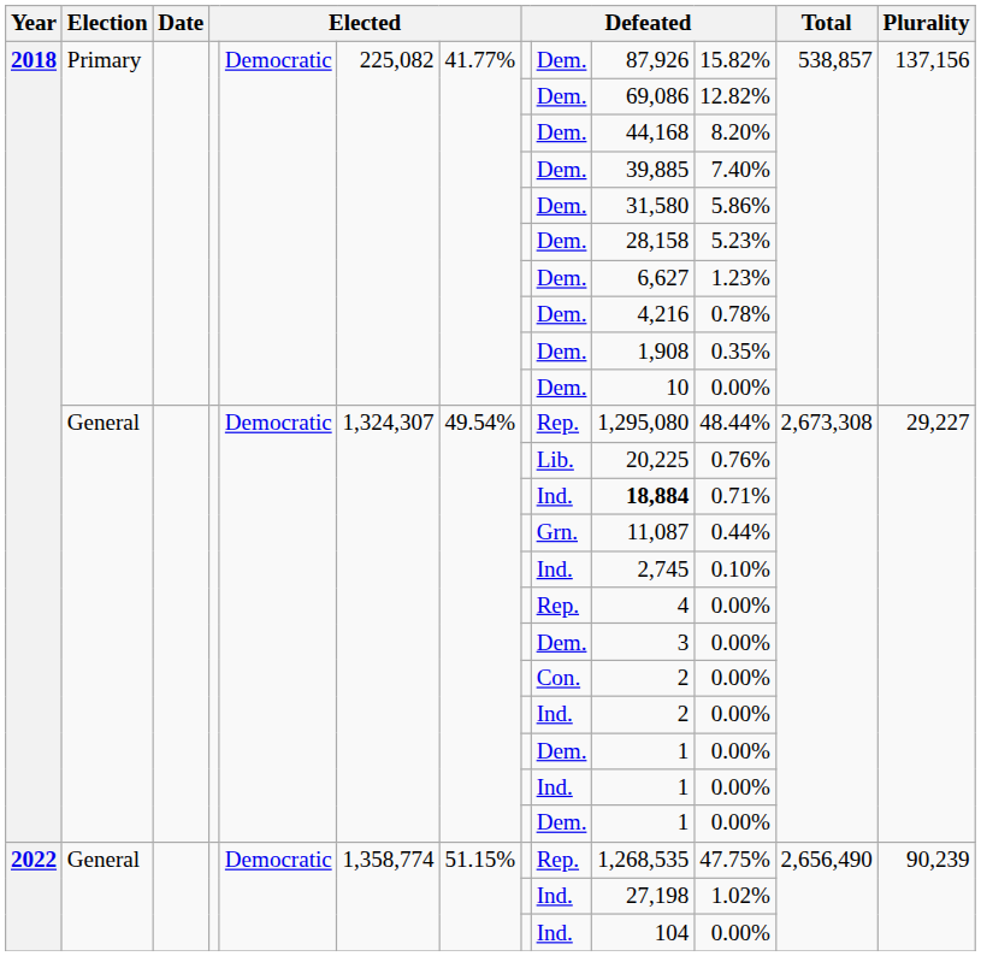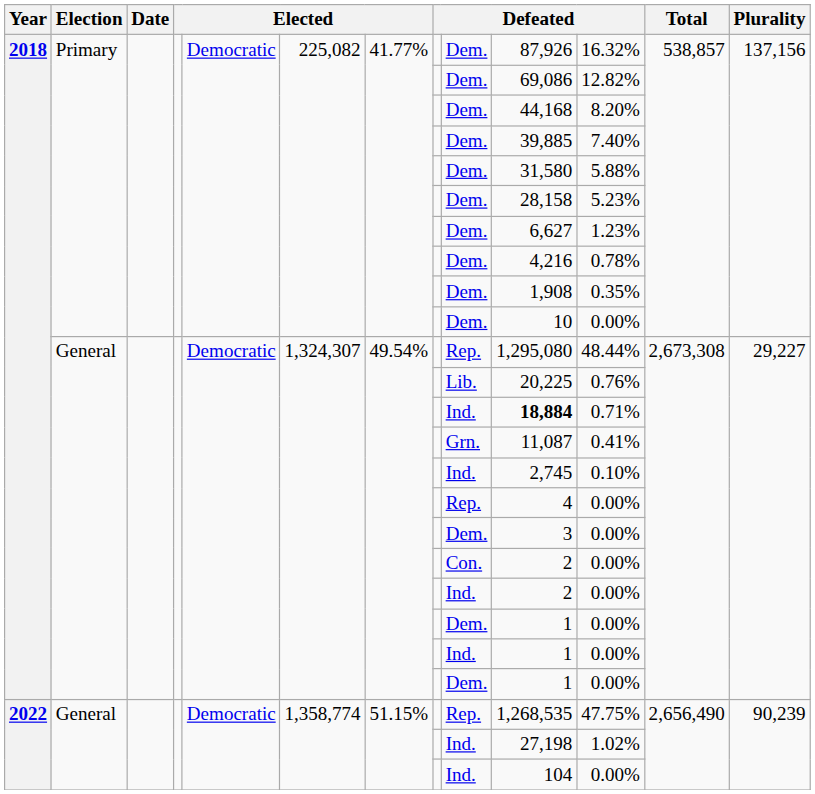 <table class="wikitable">
 <tr>
 <th>Year</th>
 <th>Election</th>
 <th>Date</th>
 <th colspan="4">Elected</th>
 <th colspan="4">Defeated</th>
 <th>Total</th>
 <th>Plurality</th>
 </tr>
 <tr>
 <th rowspan="22" valign="top"><a href='#'>2018</a></th>
 <td rowspan="10" valign="top">Primary</td>
 <td rowspan="10" valign="top"></td>
 <td rowspan="10" valign="top"></td>
 <td rowspan="10" valign="top" ><a href='#'>Democratic</a></td>
 <td rowspan="10" align="right" valign="top">225,082</td>
 <td rowspan="10" align="right" valign="top">41.77%</td>
 <td valign="top"></td>
 <td valign="top" ><a href='#'>Dem.</a></td>
 <td align="right" valign="top">87,926</td>
-<td align="right" valign="top">15.82%</td>
+<td align="right" valign="top">16.32%</td>
 <td rowspan="10" align="right" valign="top">538,857</td>
 <td rowspan="10" align="right" valign="top">137,156</td>
 </tr>
 <tr>
 <td valign="top"></td>
 <td valign="top" ><a href='#'>Dem.</a></td>
 <td align="right" valign="top">69,086</td>
 <td align="right" valign="top">12.82%</td>
 </tr>
 <tr>
 <td valign="top"></td>
 <td valign="top" ><a href='#'>Dem.</a></td>
 <td align="right" valign="top">44,168</td>
 <td align="right" valign="top">8.20%</td>
 </tr>
 <tr>
 <td valign="top"></td>
 <td valign="top" ><a href='#'>Dem.</a></td>
 <td align="right" valign="top">39,885</td>
 <td align="right" valign="top">7.40%</td>
 </tr>
 <tr>
 <td valign="top"></td>
 <td valign="top" ><a href='#'>Dem.</a></td>
 <td align="right" valign="top">31,580</td>
-<td align="right" valign="top">5.86%</td>
+<td align="right" valign="top">5.88%</td>
 </tr>
 <tr>
 <td valign="top"></td>
 <td valign="top" ><a href='#'>Dem.</a></td>
 <td align="right" valign="top">28,158</td>
 <td align="right" valign="top">5.23%</td>
 </tr>
 <tr>
 <td valign="top"></td>
 <td valign="top" ><a href='#'>Dem.</a></td>
 <td align="right" valign="top">6,627</td>
 <td align="right" valign="top">1.23%</td>
 </tr>
 <tr>
 <td valign="top"></td>
 <td valign="top" ><a href='#'>Dem.</a></td>
 <td align="right" valign="top">4,216</td>
 <td align="right" valign="top">0.78%</td>
 </tr>
 <tr>
 <td valign="top"></td>
 <td valign="top" ><a href='#'>Dem.</a></td>
 <td align="right" valign="top">1,908</td>
 <td align="right" valign="top">0.35%</td>
 </tr>
 <tr>
 <td valign="top"></td>
 <td valign="top" ><a href='#'>Dem.</a></td>
 <td align="right" valign="top">10</td>
 <td align="right" valign="top">0.00%</td>
 </tr>
 <tr>
 <td rowspan="12" valign="top">General</td>
 <td rowspan="12" valign="top"></td>
 <td rowspan="12" valign="top"></td>
 <td valign="top" rowspan="12" ><a href='#'>Democratic</a></td>
 <td rowspan="12" align="right" valign="top">1,324,307</td>
 <td rowspan="12" align="right" valign="top">49.54%</td>
 <td valign="top"></td>
 <td valign="top" ><a href='#'>Rep.</a></td>
 <td align="right" valign="top">1,295,080</td>
 <td align="right" valign="top">48.44%</td>
 <td rowspan="12" align="right" valign="top">2,673,308</td>
 <td rowspan="12" align="right" valign="top">29,227</td>
 </tr>
 <tr>
 <td valign="top"></td>
 <td valign="top" ><a href='#'>Lib.</a></td>
 <td align="right" valign="top">20,225</td>
 <td align="right" valign="top">0.76%</td>
 </tr>
 <tr>
 <td valign="top"></td>
 <td valign="top" ><a href='#'>Ind.</a></td>
 <td align="right" valign="top"><strong>18,884</strong></td>
 <td align="right" valign="top">0.71%</td>
 </tr>
 <tr>
 <td valign="top"></td>
 <td valign="top" ><a href='#'>Grn.</a></td>
 <td align="right" valign="top">11,087</td>
-<td align="right" valign="top">0.44%</td>
+<td align="right" valign="top">0.41%</td>
 </tr>
 <tr>
 <td valign="top"></td>
 <td valign="top" ><a href='#'>Ind.</a></td>
 <td align="right" valign="top">2,745</td>
 <td align="right" valign="top">0.10%</td>
 </tr>
 <tr>
 <td valign="top"></td>
 <td valign="top" ><a href='#'>Rep.</a></td>
 <td align="right" valign="top">4</td>
 <td align="right" valign="top">0.00%</td>
 </tr>
 <tr>
 <td valign="top"></td>
 <td valign="top" ><a href='#'>Dem.</a></td>
 <td align="right" valign="top">3</td>
 <td align="right" valign="top">0.00%</td>
 </tr>
 <tr>
 <td valign="top"></td>
 <td valign="top" ><a href='#'>Con.</a></td>
 <td align="right" valign="top">2</td>
 <td align="right" valign="top">0.00%</td>
 </tr>
 <tr>
 <td valign="top"></td>
 <td valign="top" ><a href='#'>Ind.</a></td>
 <td align="right" valign="top">2</td>
 <td align="right" valign="top">0.00%</td>
 </tr>
 <tr>
 <td valign="top"></td>
 <td valign="top" ><a href='#'>Dem.</a></td>
 <td align="right" valign="top">1</td>
 <td align="right" valign="top">0.00%</td>
 </tr>
 <tr>
 <td valign="top"></td>
 <td valign="top" ><a href='#'>Ind.</a></td>
 <td align="right" valign="top">1</td>
 <td align="right" valign="top">0.00%</td>
 </tr>
 <tr>
 <td valign="top"></td>
 <td valign="top" ><a href='#'>Dem.</a></td>
 <td align="right" valign="top">1</td>
 <td align="right" valign="top">0.00%</td>
 </tr>
 <tr>
 <th rowspan="3" valign="top"><a href='#'>2022</a></th>
 <td rowspan="3" valign="top">General</td>
 <td rowspan="3" valign="top"></td>
 <td rowspan="3" valign="top"></td>
 <td valign="top" rowspan="3" ><a href='#'>Democratic</a></td>
 <td rowspan="3" align="right" valign="top">1,358,774</td>
 <td rowspan="3" align="right" valign="top">51.15%</td>
 <td valign="top"></td>
 <td valign="top" ><a href='#'>Rep.</a></td>
 <td align="right" valign="top">1,268,535</td>
 <td align="right" valign="top">47.75%</td>
 <td rowspan="3" align="right" valign="top">2,656,490</td>
 <td rowspan="3" align="right" valign="top">90,239</td>
 </tr>
 <tr>
 <td valign="top"></td>
 <td valign="top" ><a href='#'>Ind.</a></td>
 <td align="right" valign="top">27,198</td>
 <td align="right" valign="top">1.02%</td>
 </tr>
 <tr>
 <td valign="top"></td>
 <td valign="top" ><a href='#'>Ind.</a></td>
 <td align="right" valign="top">104</td>
 <td align="right" valign="top">0.00%</td>
 </tr>
 </table>
